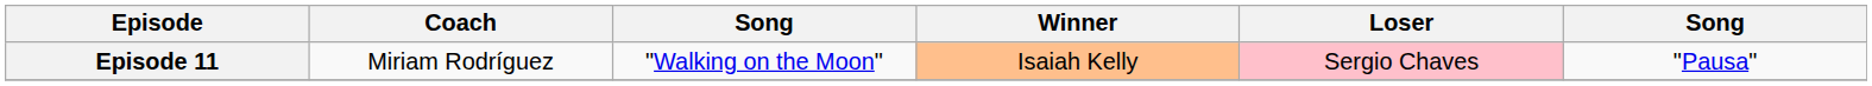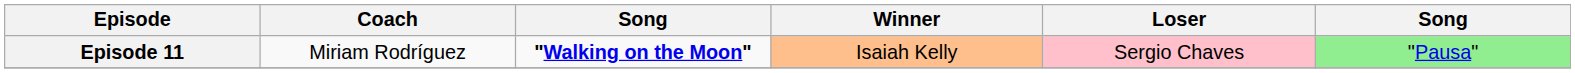 <table class="wikitable" style="text-align: center; width:100%">
 <tr>
 <th style="width:15%">Episode</th>
 <th style="width:15%">Coach</th>
 <th style="width:15%">Song</th>
 <th style="width:16%">Winner</th>
 <th style="width:16%">Loser</th>
 <th style="width:15%">Song</th>
 </tr>
 <tr>
 <th nowrap>Episode 11<br><small></small></th>
 <td>Miriam Rodríguez</td>
-<td>"<a href='#'>Walking on the Moon</a>"</td>
+<td><strong>"<a href='#'>Walking on the Moon</a>"</strong></td>
 <td style="background:#ffbf8c">Isaiah Kelly</td>
 <td style="background:pink">Sergio Chaves</td>
-<td>"<a href='#'>Pausa</a>"</td>
+<td style="background: lightgreen;">"<a href='#'>Pausa</a>"</td>
 </tr>
 <tr>
 </tr>
 </table>
